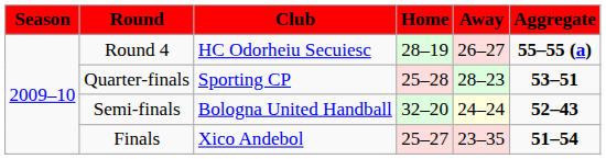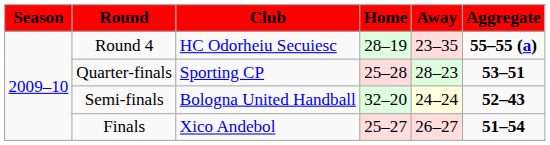 <table class="wikitable">
 <tr>
 <th style="color:#000000; background:#FF0000">Season</th>
 <th style="color:#000000; background:#FF0000">Round</th>
 <th style="color:#000000; background:#FF0000">Club</th>
 <th style="color:#000000; background:#FF0000">Home</th>
 <th style="color:#000000; background:#FF0000">Away</th>
 <th style="color:#000000; background:#FF0000">Aggregate</th>
 </tr>
 <tr>
 <td rowspan=5><a href='#'>2009–10</a></td>
 <td align=center>Round 4</td>
 <td> <a href='#'>HC Odorheiu Secuiesc</a></td>
 <td style="text-align:center; background:#dfd;">28–19</td>
-<td style="text-align:center; background:#fdd;">26–27</td>
+<td style="text-align:center; background:#fdd;">23–35</td>
 <td style="text-align:center;"><strong>55–55 (<a href='#'>a</a>)</strong></td>
 </tr>
 <tr>
 <td align=center>Quarter-finals</td>
 <td> <a href='#'>Sporting CP</a></td>
 <td style="text-align:center; background:#fdd;">25–28</td>
 <td style="text-align:center; background:#dfd;">28–23</td>
 <td style="text-align:center;"><strong>53–51</strong></td>
 </tr>
 <tr>
 <td align=center>Semi-finals</td>
 <td> <a href='#'>Bologna United Handball</a></td>
 <td style="text-align:center; background:#dfd;">32–20</td>
 <td style="text-align:center; background:#ffd;">24–24</td>
 <td style="text-align:center;"><strong>52–43</strong></td>
 </tr>
 <tr>
 <td align=center>Finals</td>
 <td> <a href='#'>Xico Andebol</a></td>
 <td style="text-align:center; background:#fdd;">25–27</td>
-<td style="text-align:center; background:#fdd;">23–35</td>
+<td style="text-align:center; background:#fdd;">26–27</td>
 <td style="text-align:center;"><strong>51–54</strong></td>
 </tr>
 </table>
